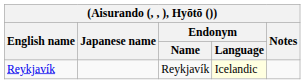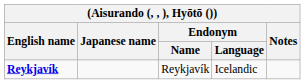 <table class="wikitable sortable">
 <tr>
 <th colspan="5"> (Aisurando (, , ), Hyōtō ())</th>
 </tr>
 <tr>
 <th rowspan="2">English name</th>
 <th rowspan="2">Japanese name</th>
 <th colspan="2">Endonym</th>
 <th rowspan="2">Notes</th>
 </tr>
 <tr>
 <th>Name</th>
 <th>Language</th>
 </tr>
 <tr>
-<td><a href='#'>Reykjavík</a></td>
+<td><strong><a href='#'>Reykjavík</a></strong></td>
 <td><br></td>
 <td>Reykjavík</td>
-<td style="background: lightyellow;">Icelandic</td>
+<td>Icelandic</td>
 <td></td>
 </tr>
 </table>
